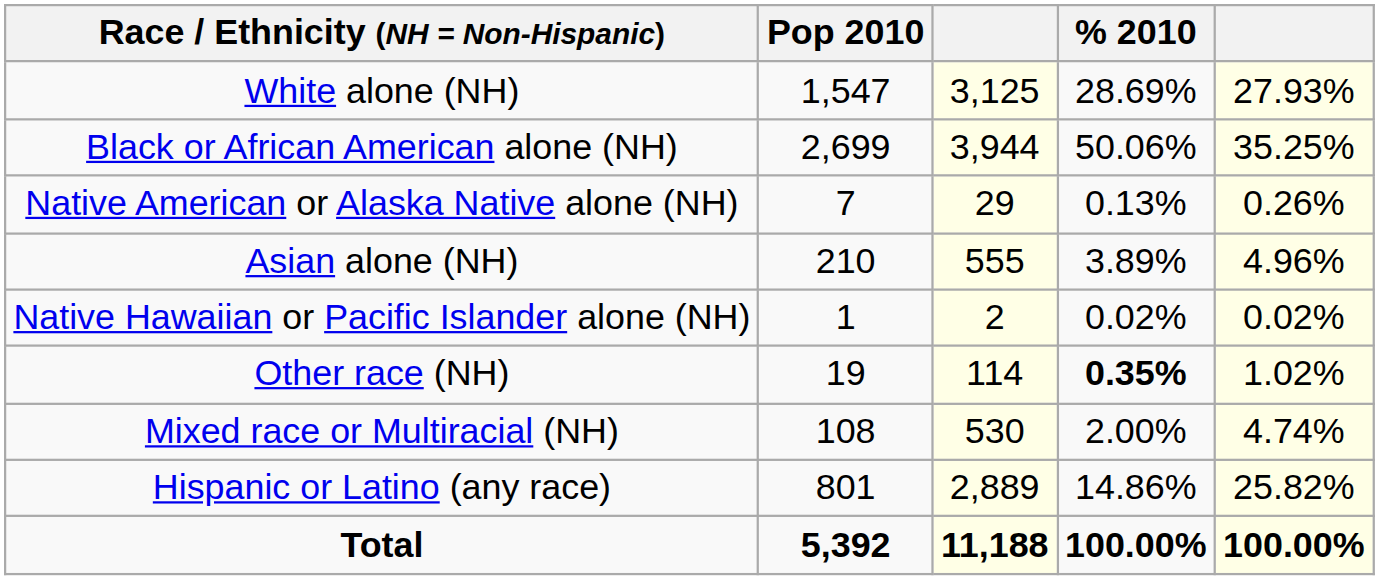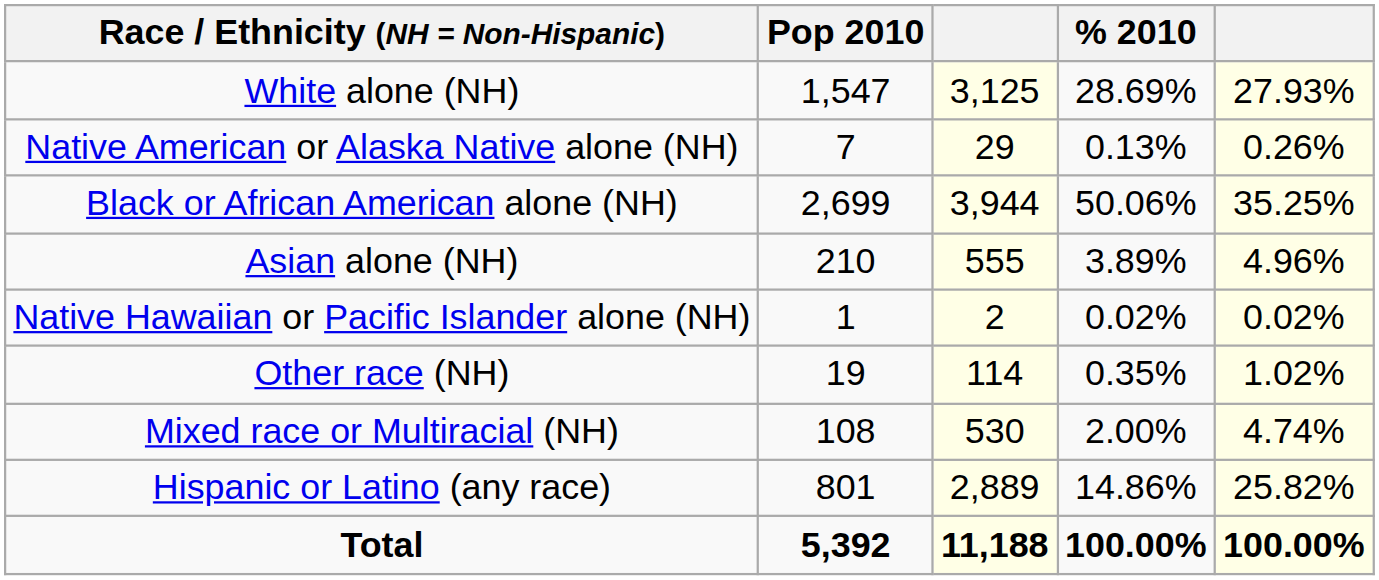 <table class="wikitable" style="text-align:center;">
 <tr>
 <th>Race / Ethnicity <small>(<em>NH = Non-Hispanic</em>)</small></th>
 <th>Pop 2010</th>
 <th></th>
 <th>% 2010</th>
 <th></th>
 </tr>
 <tr>
 <td><a href='#'>White</a> alone (NH)</td>
 <td>1,547</td>
 <td style='background: #ffffe6;'>3,125</td>
 <td>28.69%</td>
 <td style='background: #ffffe6;'>27.93%</td>
 </tr>
 <tr>
+<td><a href='#'>Native American</a> or <a href='#'>Alaska Native</a> alone (NH)</td>
+<td>7</td>
+<td style='background: #ffffe6;'>29</td>
+<td>0.13%</td>
+<td style='background: #ffffe6;'>0.26%</td>
+</tr>
+<tr>
 <td><a href='#'>Black or African American</a> alone (NH)</td>
 <td>2,699</td>
 <td style='background: #ffffe6;'>3,944</td>
 <td>50.06%</td>
 <td style='background: #ffffe6;'>35.25%</td>
-</tr>
-<tr>
-<td><a href='#'>Native American</a> or <a href='#'>Alaska Native</a> alone (NH)</td>
-<td>7</td>
-<td style='background: #ffffe6;'>29</td>
-<td>0.13%</td>
-<td style='background: #ffffe6;'>0.26%</td>
 </tr>
 <tr>
 <td><a href='#'>Asian</a> alone (NH)</td>
 <td>210</td>
 <td style='background: #ffffe6;'>555</td>
 <td>3.89%</td>
 <td style='background: #ffffe6;'>4.96%</td>
 </tr>
 <tr>
 <td><a href='#'>Native Hawaiian</a> or <a href='#'>Pacific Islander</a> alone (NH)</td>
 <td>1</td>
 <td style='background: #ffffe6;'>2</td>
 <td>0.02%</td>
 <td style='background: #ffffe6;'>0.02%</td>
 </tr>
 <tr>
 <td><a href='#'>Other race</a> (NH)</td>
 <td>19</td>
 <td style='background: #ffffe6;'>114</td>
-<td><strong>0.35%</strong></td>
+<td>0.35%</td>
 <td style='background: #ffffe6;'>1.02%</td>
 </tr>
 <tr>
 <td><a href='#'>Mixed race or Multiracial</a> (NH)</td>
 <td>108</td>
 <td style='background: #ffffe6;'>530</td>
 <td>2.00%</td>
 <td style='background: #ffffe6;'>4.74%</td>
 </tr>
 <tr>
 <td><a href='#'>Hispanic or Latino</a> (any race)</td>
 <td>801</td>
 <td style='background: #ffffe6;'>2,889</td>
 <td>14.86%</td>
 <td style='background: #ffffe6;'>25.82%</td>
 </tr>
 <tr>
 <td><strong>Total</strong></td>
 <td><strong>5,392</strong></td>
 <td style='background: #ffffe6;'><strong>11,188</strong></td>
 <td><strong>100.00%</strong></td>
 <td style='background: #ffffe6;'><strong>100.00%</strong></td>
 </tr>
 </table>
